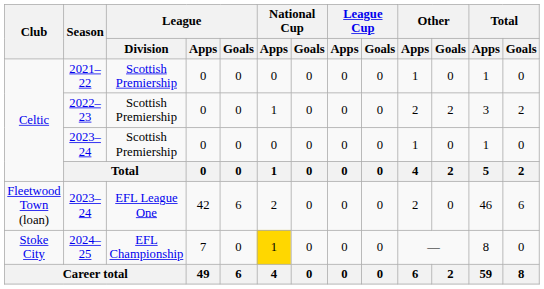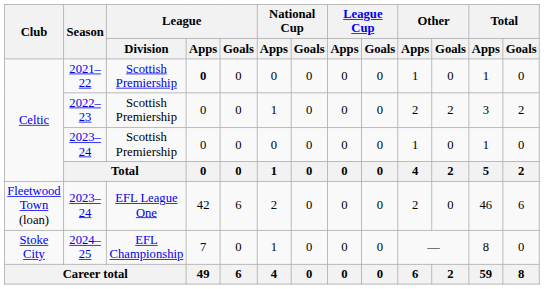 <table class="wikitable" style="text-align:center">
 <tr>
 <th rowspan="2">Club</th>
 <th rowspan="2">Season</th>
 <th colspan="3">League</th>
 <th colspan="2">National Cup</th>
 <th colspan="2"><a href='#'>League Cup</a></th>
 <th colspan="2">Other</th>
 <th colspan="2">Total</th>
 </tr>
 <tr>
 <th>Division</th>
 <th>Apps</th>
 <th>Goals</th>
 <th>Apps</th>
 <th>Goals</th>
 <th>Apps</th>
 <th>Goals</th>
 <th>Apps</th>
 <th>Goals</th>
 <th>Apps</th>
 <th>Goals</th>
 </tr>
 <tr>
 <td rowspan="4"><a href='#'>Celtic</a></td>
 <td><a href='#'>2021–22</a></td>
 <td><a href='#'>Scottish Premiership</a></td>
-<td>0</td>
+<td><strong>0</strong></td>
 <td>0</td>
 <td>0</td>
 <td>0</td>
 <td>0</td>
 <td>0</td>
 <td>1</td>
 <td>0</td>
 <td>1</td>
 <td>0</td>
 </tr>
 <tr>
 <td><a href='#'>2022–23</a></td>
 <td>Scottish Premiership</td>
 <td>0</td>
 <td>0</td>
 <td>1</td>
 <td>0</td>
 <td>0</td>
 <td>0</td>
 <td>2</td>
 <td>2</td>
 <td>3</td>
 <td>2</td>
 </tr>
 <tr>
 <td><a href='#'>2023–24</a></td>
 <td>Scottish Premiership</td>
 <td>0</td>
 <td>0</td>
 <td>0</td>
 <td>0</td>
 <td>0</td>
 <td>0</td>
 <td>1</td>
 <td>0</td>
 <td>1</td>
 <td>0</td>
 </tr>
 <tr>
 <th colspan="2">Total</th>
 <th>0</th>
 <th>0</th>
 <th>1</th>
 <th>0</th>
 <th>0</th>
 <th>0</th>
 <th>4</th>
 <th>2</th>
 <th>5</th>
 <th>2</th>
 </tr>
 <tr>
 <td><a href='#'>Fleetwood Town</a> (loan)</td>
 <td><a href='#'>2023–24</a></td>
 <td><a href='#'>EFL League One</a></td>
 <td>42</td>
 <td>6</td>
 <td>2</td>
 <td>0</td>
 <td>0</td>
 <td>0</td>
 <td>2</td>
 <td>0</td>
 <td>46</td>
 <td>6</td>
 </tr>
 <tr>
 <td><a href='#'>Stoke City</a></td>
 <td><a href='#'>2024–25</a></td>
 <td><a href='#'>EFL Championship</a></td>
 <td>7</td>
 <td>0</td>
-<td style="background: gold;">1</td>
+<td>1</td>
 <td>0</td>
 <td>0</td>
 <td>0</td>
 <td colspan="2">—</td>
 <td>8</td>
 <td>0</td>
 </tr>
 <tr>
 <th colspan="3">Career total</th>
 <th>49</th>
 <th>6</th>
 <th>4</th>
 <th>0</th>
 <th>0</th>
 <th>0</th>
 <th>6</th>
 <th>2</th>
 <th>59</th>
 <th>8</th>
 </tr>
 </table>
